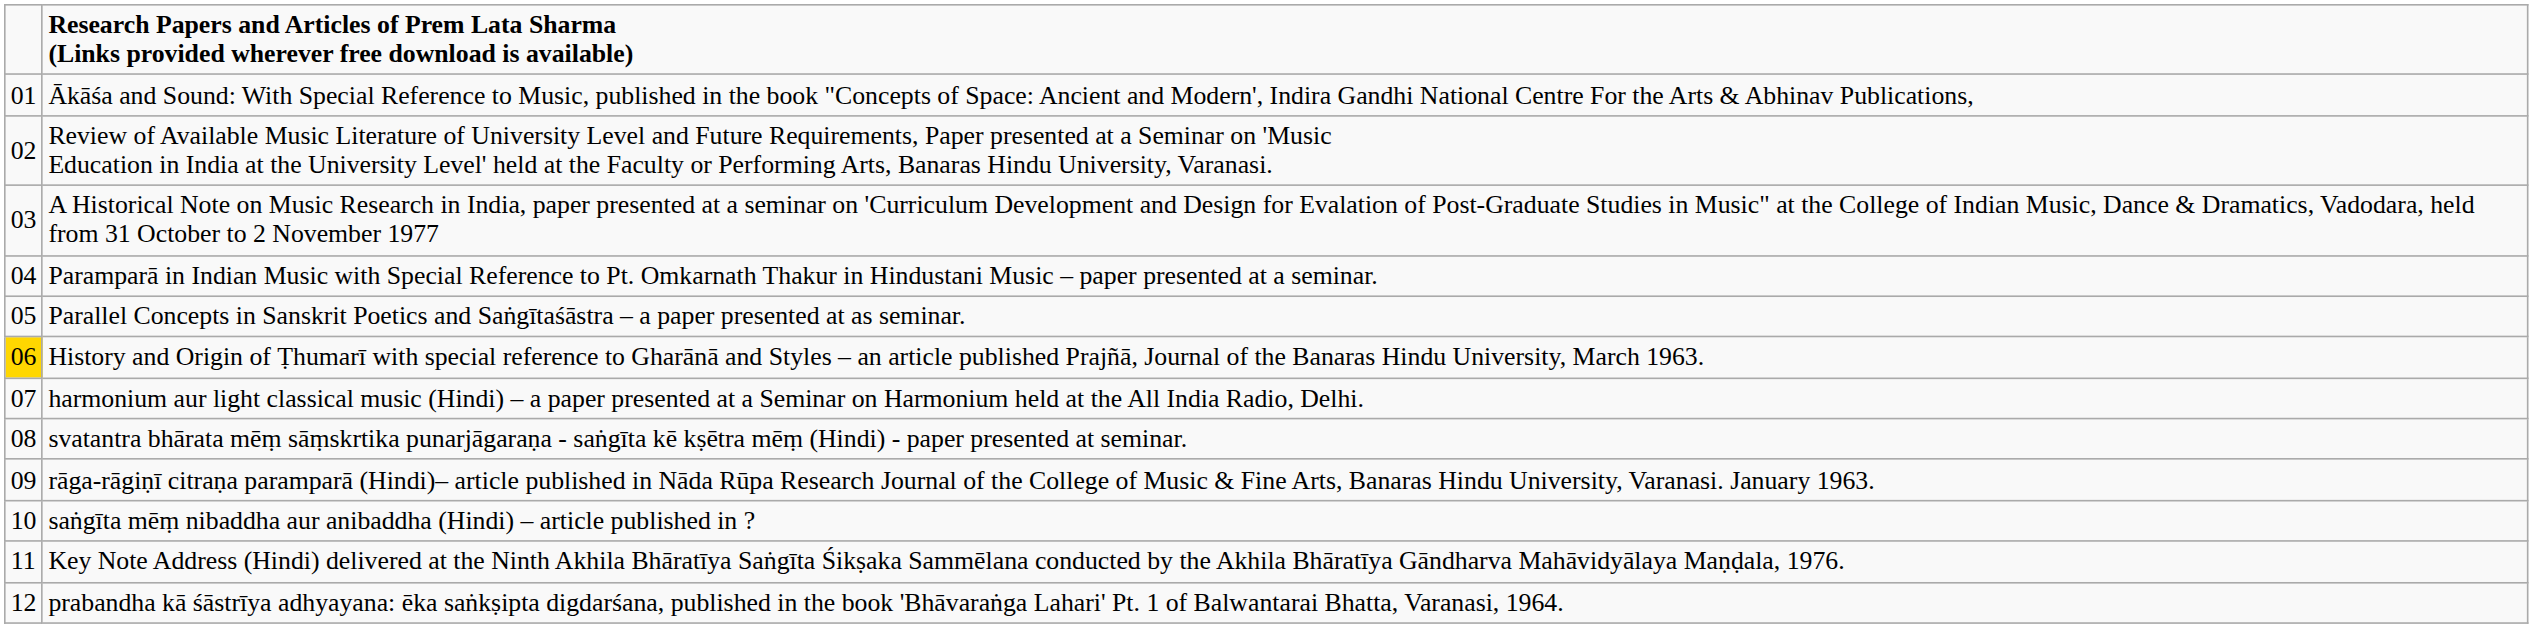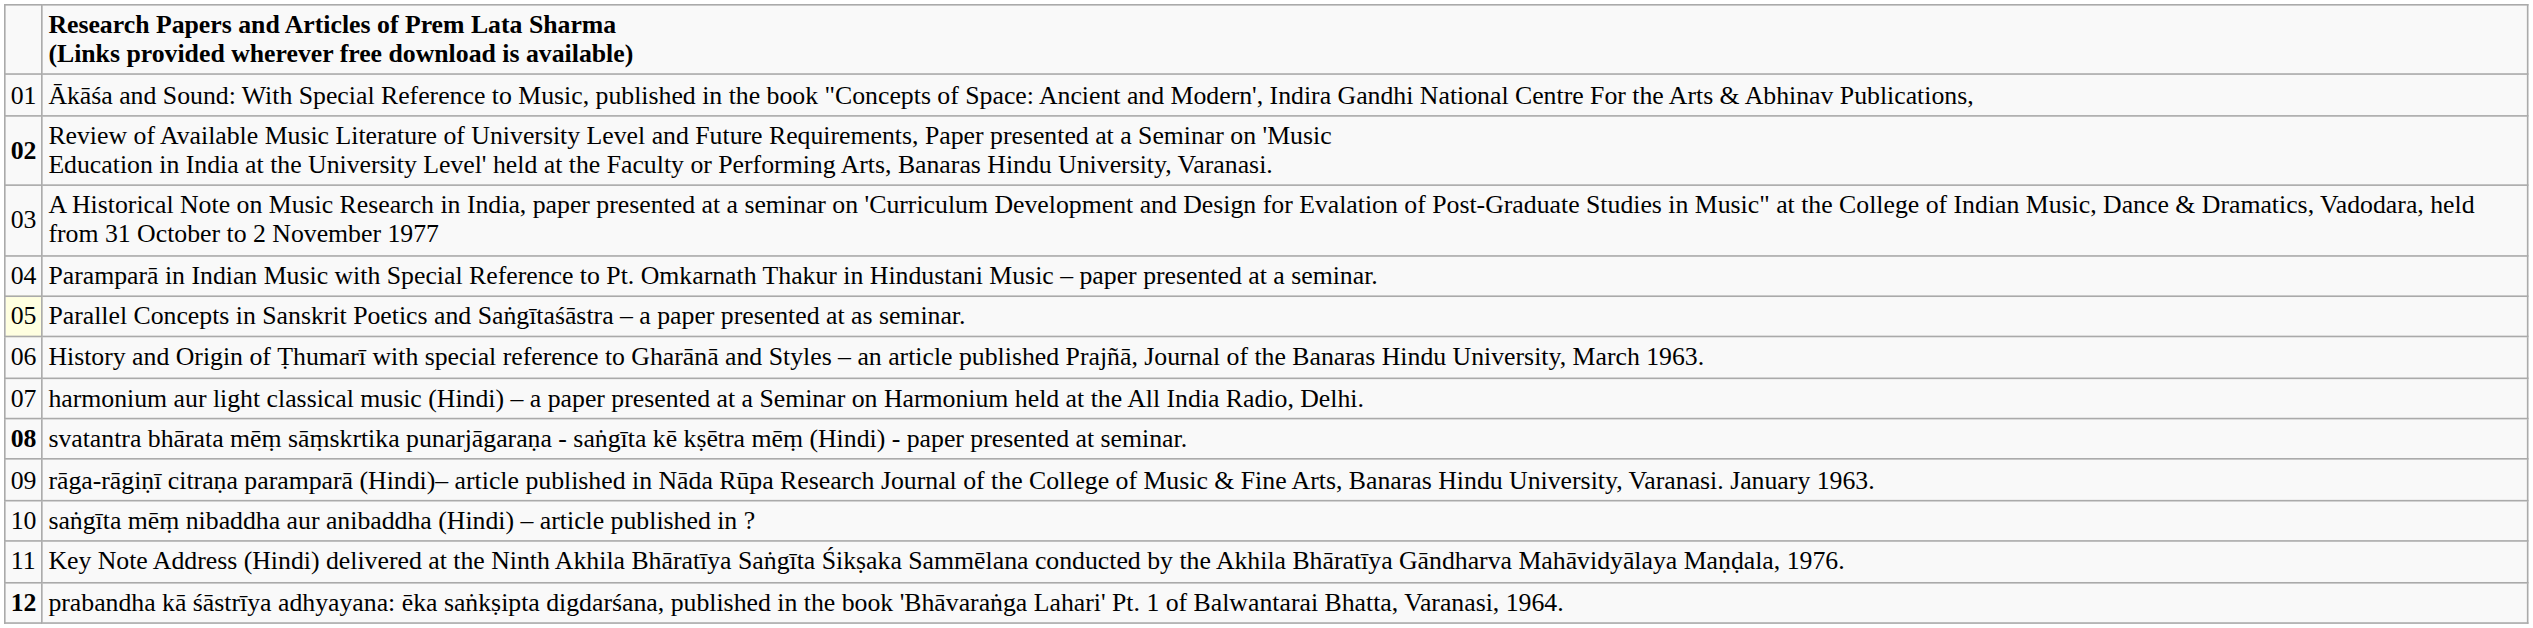 <table class="wikitable">
 <tr>
 <td></td>
 <td><strong>Research Papers and Articles of Prem Lata Sharma</strong><br><strong>(Links provided wherever free download is available)</strong></td>
 </tr>
 <tr>
 <td>01</td>
 <td>Ākāśa and Sound: With Special Reference to Music, published in the book  "Concepts of Space: Ancient and Modern', Indira Gandhi National Centre For the Arts & Abhinav Publications,<br></td>
 </tr>
 <tr>
-<td>02</td>
+<td><strong>02</strong></td>
 <td>Review of Available Music Literature of University Level and Future Requirements, Paper presented at a Seminar on 'Music<br>Education in India at the University Level' held at the Faculty or Performing Arts, Banaras Hindu University, Varanasi.<br></td>
 </tr>
 <tr>
 <td>03</td>
 <td>A Historical Note on Music Research in India, paper presented at a seminar on 'Curriculum Development and Design for Evalation of Post-Graduate Studies in Music" at the College of Indian Music, Dance  & Dramatics, Vadodara, held from 31 October to 2 November 1977<br></td>
 </tr>
 <tr>
 <td>04</td>
 <td>Paramparā in Indian Music with Special Reference to Pt. Omkarnath Thakur in Hindustani Music – paper presented at a seminar.<br></td>
 </tr>
 <tr>
-<td>05</td>
+<td style="background: lightyellow;">05</td>
 <td>Parallel Concepts in Sanskrit Poetics and Saṅgītaśāstra – a paper presented at as seminar.<br></td>
 </tr>
 <tr>
-<td style="background: gold;">06</td>
+<td>06</td>
 <td>History and Origin of Ṭhumarī with special reference to Gharānā and Styles – an article published Prajñā, Journal of the Banaras Hindu University, March 1963.<br></td>
 </tr>
 <tr>
 <td>07</td>
 <td>harmonium aur light classical music (Hindi) – a paper presented at a Seminar on Harmonium held at the All India Radio, Delhi.<br></td>
 </tr>
 <tr>
-<td>08</td>
+<td><strong>08</strong></td>
 <td>svatantra bhārata mēṃ sāṃskrtika punarjāgaraṇa - saṅgīta kē kṣētra mēṃ (Hindi) - paper presented at seminar.<br></td>
 </tr>
 <tr>
 <td>09</td>
 <td>rāga-rāgiṇī citraṇa paramparā (Hindi)– article published in Nāda Rūpa Research Journal of the College of Music & Fine Arts, Banaras Hindu University, Varanasi. January 1963.<br></td>
 </tr>
 <tr>
 <td>10</td>
 <td>saṅgīta mēṃ nibaddha aur anibaddha (Hindi) – article published in ?<br></td>
 </tr>
 <tr>
 <td>11</td>
 <td>Key Note Address (Hindi) delivered at the Ninth Akhila Bhāratīya Saṅgīta Śikṣaka Sammēlana conducted by the Akhila Bhāratīya Gāndharva Mahāvidyālaya Maṇḍala, 1976.<br></td>
 </tr>
 <tr>
-<td>12</td>
+<td><strong>12</strong></td>
 <td>prabandha kā śāstrīya adhyayana: ēka saṅkṣipta digdarśana, published in the book 'Bhāvaraṅga Lahari' Pt. 1 of Balwantarai Bhatta, Varanasi, 1964.</td>
 </tr>
 </table>
